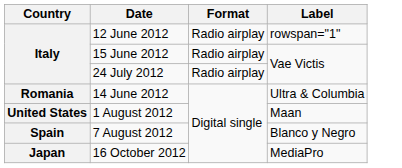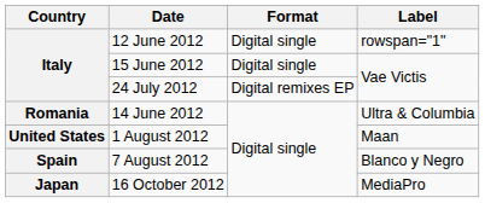 <table class="wikitable plainrowheaders unsortable">
 <tr>
 <th>Country</th>
 <th>Date</th>
 <th>Format</th>
 <th>Label</th>
 </tr>
 <tr>
 <th scope="row" rowspan="3">Italy</th>
 <td rowspan="1">12 June 2012</td>
-<td rowspan="1">Radio airplay</td>
+<td rowspan="1">Digital single</td>
 <td>rowspan="1" </td>
 </tr>
 <tr>
 <td rowspan="1">15 June 2012</td>
-<td rowspan="1">Radio airplay</td>
+<td rowspan="1">Digital single</td>
 <td rowspan="2">Vae Victis</td>
 </tr>
 <tr>
 <td rowspan="1">24 July 2012</td>
-<td rowspan="1">Radio airplay</td>
+<td rowspan="1">Digital remixes EP</td>
 </tr>
 <tr>
 <th scope="row">Romania</th>
 <td rowspan="1">14 June 2012</td>
 <td rowspan="4">Digital single</td>
 <td rowspan="1">Ultra & Columbia</td>
 </tr>
 <tr>
 <th scope="row">United States</th>
 <td rowspan="1">1 August 2012</td>
 <td rowspan="1">Maan</td>
 </tr>
 <tr>
 <th scope="row">Spain</th>
 <td rowspan="1">7 August 2012</td>
 <td rowspan="1">Blanco y Negro</td>
 </tr>
 <tr>
 <th scope="row">Japan</th>
 <td rowspan="1">16 October 2012</td>
 <td rowspan="1">MediaPro</td>
 </tr>
 </table>
